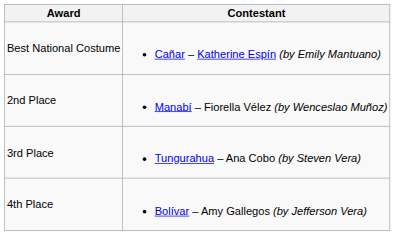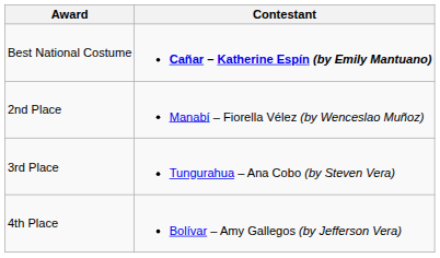 <table class="wikitable sortable" style="font-size: 95%;">
 <tr>
 <th>Award</th>
 <th>Contestant</th>
 </tr>
 <tr>
 <td>Best National Costume</td>
-<td><br><ul><li><a href='#'>Cañar</a> – <a href='#'>Katherine Espín</a> <em>(by Emily Mantuano)</em></li></ul></td>
+<td><strong><br><ul><li><a href='#'>Cañar</a> – <a href='#'>Katherine Espín</a> <em>(by Emily Mantuano)</em></li></ul></strong></td>
 </tr>
 <tr>
 <td>2nd Place</td>
 <td><br><ul><li><a href='#'>Manabí</a> – Fiorella Vélez <em>(by Wenceslao Muñoz)</em></li></ul></td>
 </tr>
 <tr>
 <td>3rd Place</td>
 <td><br><ul><li><a href='#'>Tungurahua</a> – Ana Cobo <em>(by Steven Vera)</em></li></ul></td>
 </tr>
 <tr>
 <td>4th Place</td>
 <td><br><ul><li><a href='#'>Bolívar</a> – Amy Gallegos <em>(by Jefferson Vera)</em></li></ul></td>
 </tr>
 </table>
